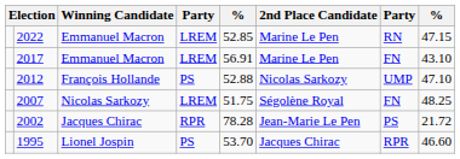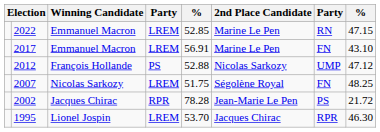 <table class="wikitable">
 <tr>
 <th colspan="2">Election</th>
 <th>Winning Candidate</th>
 <th>Party</th>
 <th>%</th>
 <th>2nd Place Candidate</th>
 <th>Party</th>
 <th>%</th>
 </tr>
 <tr>
 <td style="background-color: "></td>
 <td><a href='#'>2022</a></td>
 <td><a href='#'>Emmanuel Macron</a></td>
 <td><a href='#'>LREM</a></td>
 <td>52.85</td>
 <td><a href='#'>Marine Le Pen</a></td>
 <td><a href='#'>RN</a></td>
 <td>47.15</td>
 </tr>
 <tr>
 <td style="background-color: "></td>
 <td><a href='#'>2017</a></td>
 <td><a href='#'>Emmanuel Macron</a></td>
 <td><a href='#'>LREM</a></td>
 <td>56.91</td>
 <td><a href='#'>Marine Le Pen</a></td>
 <td><a href='#'>FN</a></td>
 <td>43.10</td>
 </tr>
 <tr>
 <td style="background-color: "></td>
 <td><a href='#'>2012</a></td>
 <td><a href='#'>François Hollande</a></td>
 <td><a href='#'>PS</a></td>
 <td>52.88</td>
 <td><a href='#'>Nicolas Sarkozy</a></td>
 <td><a href='#'>UMP</a></td>
-<td>47.10</td>
+<td>47.12</td>
 </tr>
 <tr>
 <td style="background-color: "></td>
 <td><a href='#'>2007</a></td>
 <td><a href='#'>Nicolas Sarkozy</a></td>
 <td><a href='#'>LREM</a></td>
 <td>51.75</td>
 <td><a href='#'>Ségolène Royal</a></td>
 <td><a href='#'>FN</a></td>
 <td>48.25</td>
 </tr>
 <tr>
 <td style="background-color: "></td>
 <td><a href='#'>2002</a></td>
 <td><a href='#'>Jacques Chirac</a></td>
 <td><a href='#'>RPR</a></td>
 <td>78.28</td>
 <td><a href='#'>Jean-Marie Le Pen</a></td>
 <td><a href='#'>PS</a></td>
 <td>21.72</td>
 </tr>
 <tr>
 <td style="background-color: "></td>
 <td><a href='#'>1995</a></td>
 <td><a href='#'>Lionel Jospin</a></td>
-<td><a href='#'>PS</a></td>
+<td><a href='#'>LREM</a></td>
 <td>53.70</td>
 <td><a href='#'>Jacques Chirac</a></td>
 <td><a href='#'>RPR</a></td>
-<td>46.60</td>
+<td>46.30</td>
 </tr>
 </table>
